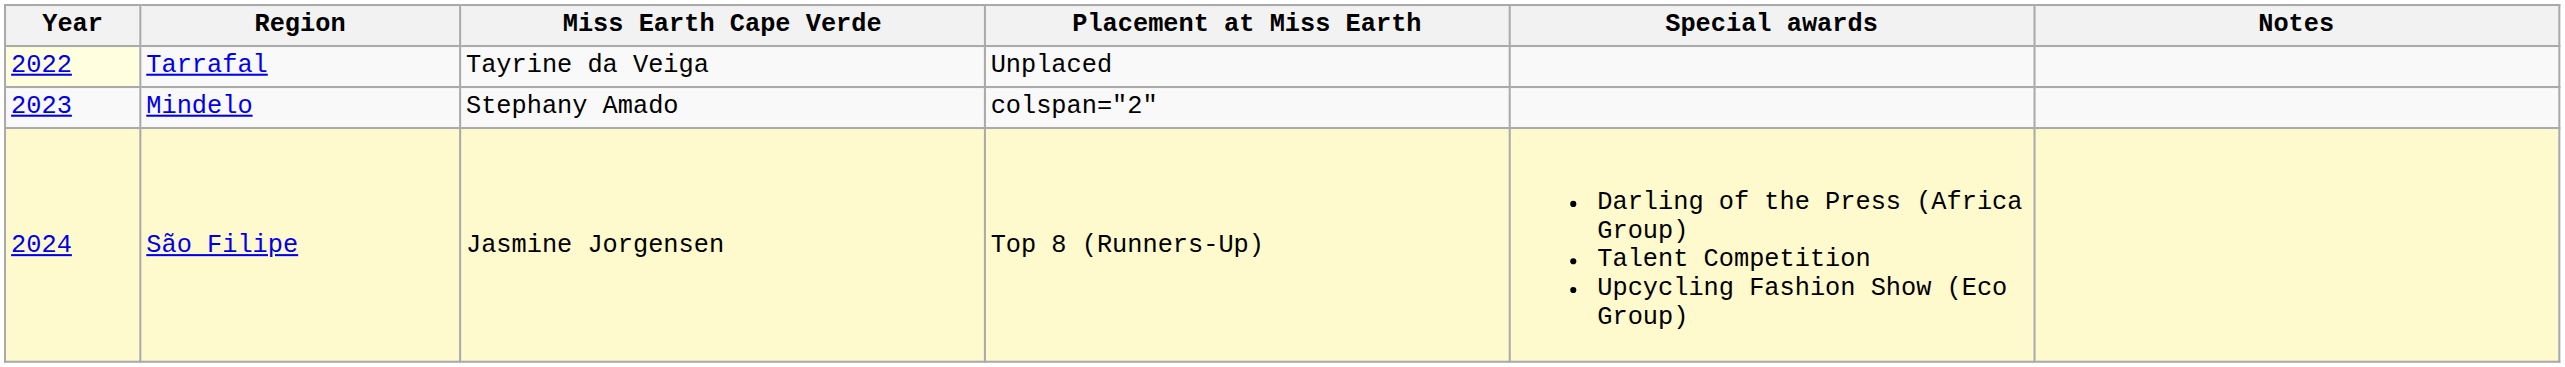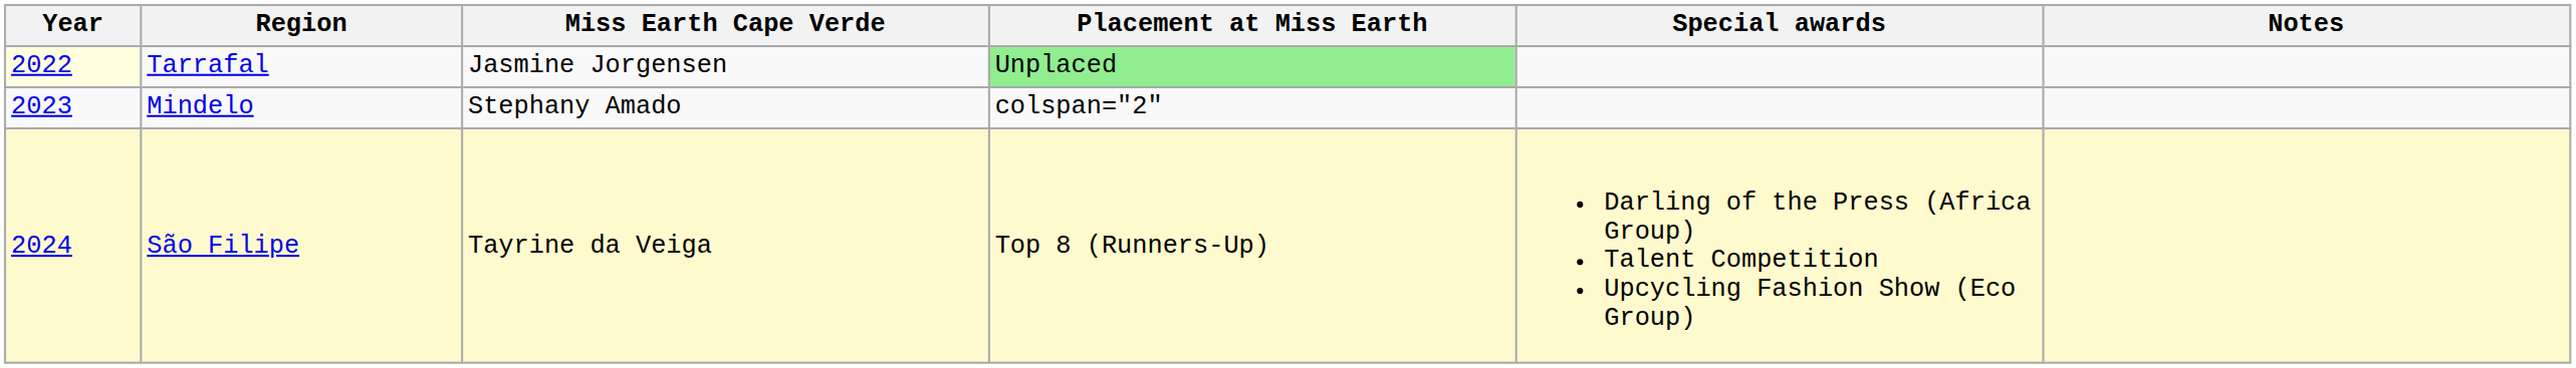 <table class="wikitable " style="font-size: 95%;">
 <tr>
 <th width="60">Year</th>
 <th width="150">Region</th>
 <th width="250">Miss Earth Cape Verde</th>
 <th width="250">Placement at Miss Earth</th>
 <th width="250">Special awards</th>
 <th width="250">Notes</th>
 </tr>
 <tr>
 <td style="background: lightyellow;"><a href='#'>2022</a></td>
 <td><a href='#'>Tarrafal</a></td>
-<td>Tayrine da Veiga</td>
-<td>Unplaced</td>
+<td>Jasmine Jorgensen</td>
+<td style="background: lightgreen;">Unplaced</td>
 <td></td>
 <td></td>
 </tr>
 <tr>
 <td><a href='#'>2023</a></td>
 <td><a href='#'>Mindelo</a></td>
 <td>Stephany Amado</td>
 <td>colspan="2" </td>
 <td></td>
 </tr>
 <tr style="background-color:#FFFACD;">
 <td><a href='#'>2024</a></td>
 <td><a href='#'>São Filipe</a></td>
-<td>Jasmine Jorgensen</td>
+<td>Tayrine da Veiga</td>
 <td>Top 8 (Runners-Up)</td>
 <td><br><ul><li>Darling of the Press (Africa Group)</li><li> Talent Competition</li><li> Upcycling Fashion Show (Eco Group)</li></ul></td>
 <td></td>
 </tr>
 </table>
